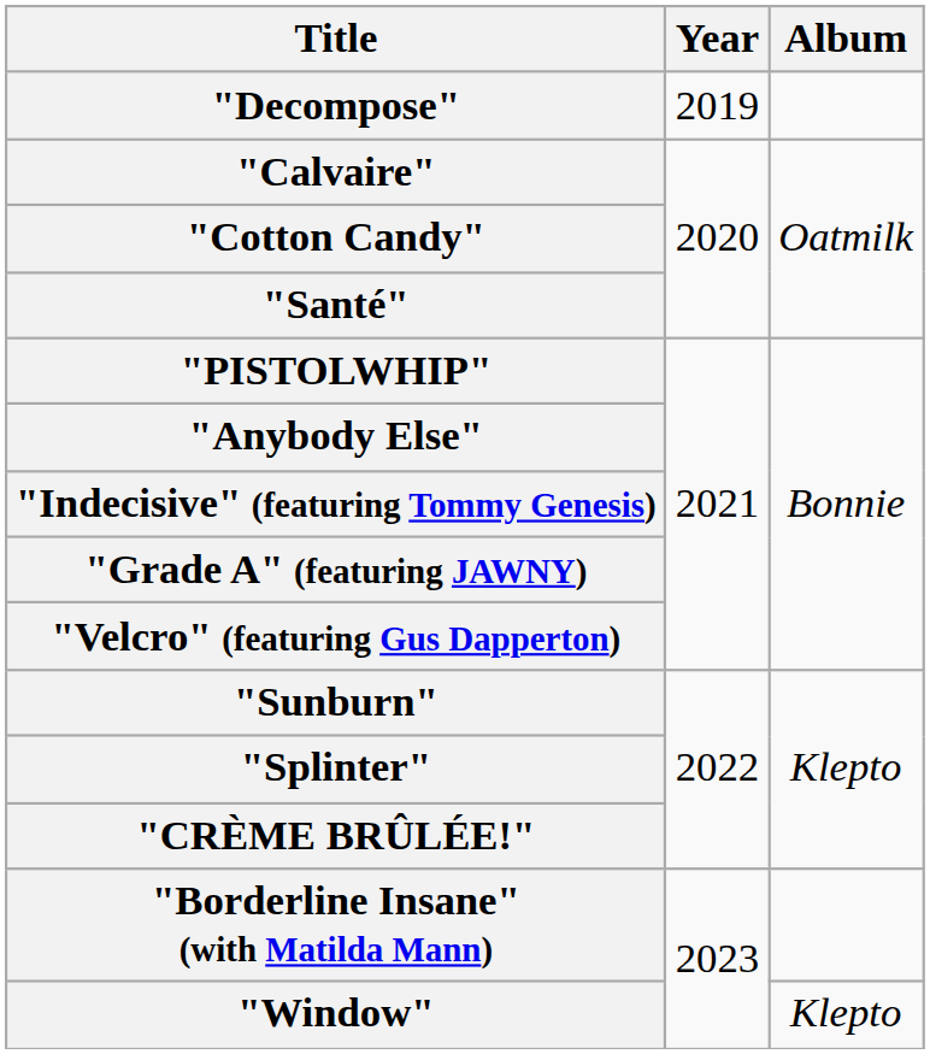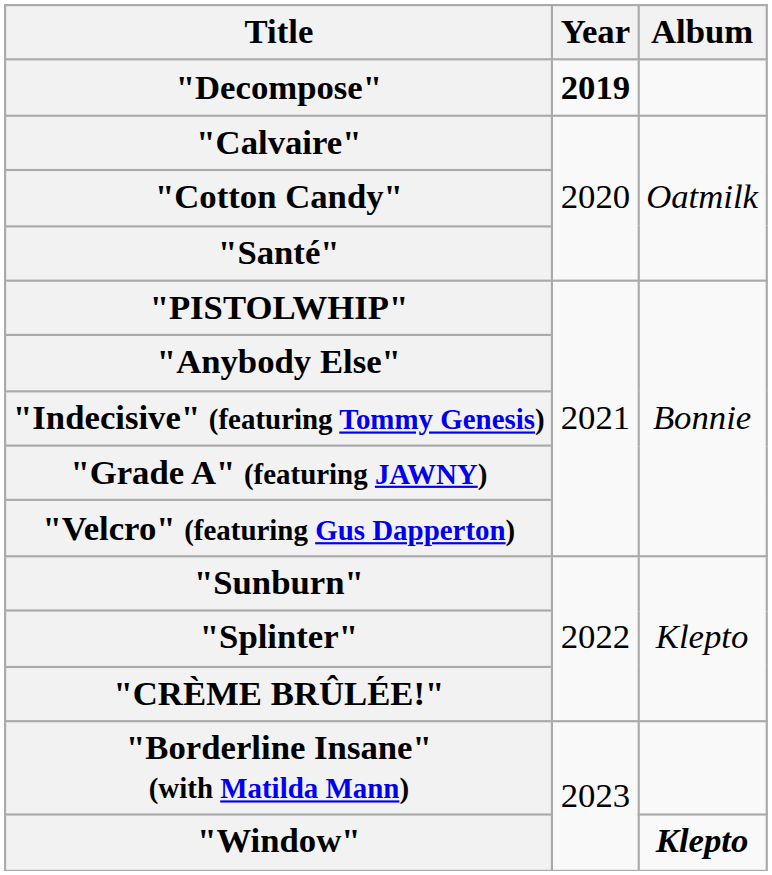 <table class="wikitable plainrowheaders" style="text-align:center;">
 <tr>
 <th scope="col">Title</th>
 <th scope="col">Year</th>
 <th scope="col">Album</th>
 </tr>
 <tr>
 <th scope="row">"Decompose"</th>
-<td>2019</td>
+<td><strong>2019</strong></td>
 <td></td>
 </tr>
 <tr>
 <th scope="row">"Calvaire"</th>
 <td rowspan="3">2020</td>
 <td rowspan="3"><em>Oatmilk</em></td>
 </tr>
 <tr>
 <th scope="row">"Cotton Candy"</th>
 </tr>
 <tr>
 <th scope="row">"Santé"</th>
 </tr>
 <tr>
 <th scope="row">"PISTOLWHIP"</th>
 <td rowspan="5">2021</td>
 <td rowspan="5"><em>Bonnie</em></td>
 </tr>
 <tr>
 <th scope="row">"Anybody Else"</th>
 </tr>
 <tr>
 <th scope="row">"Indecisive" <small>(featuring <a href='#'>Tommy Genesis</a>)</small></th>
 </tr>
 <tr>
 <th scope="row">"Grade A" <small>(featuring <a href='#'>JAWNY</a>)</small></th>
 </tr>
 <tr>
 <th scope="row">"Velcro" <small>(featuring <a href='#'>Gus Dapperton</a>)</small></th>
 </tr>
 <tr>
 <th scope="row">"Sunburn"</th>
 <td rowspan="3">2022</td>
 <td rowspan="3"><em>Klepto</em></td>
 </tr>
 <tr>
 <th scope="row">"Splinter"</th>
 </tr>
 <tr>
 <th scope="row">"CRÈME BRÛLÉE!"</th>
 </tr>
 <tr>
 <th scope="row">"Borderline Insane"<br><small>(with <a href='#'>Matilda Mann</a>)</small></th>
 <td rowspan="2">2023</td>
 <td></td>
 </tr>
 <tr>
 <th scope="row">"Window"</th>
-<td><em>Klepto</em></td>
+<td><strong><em>Klepto</em></strong></td>
 </tr>
 </table>
